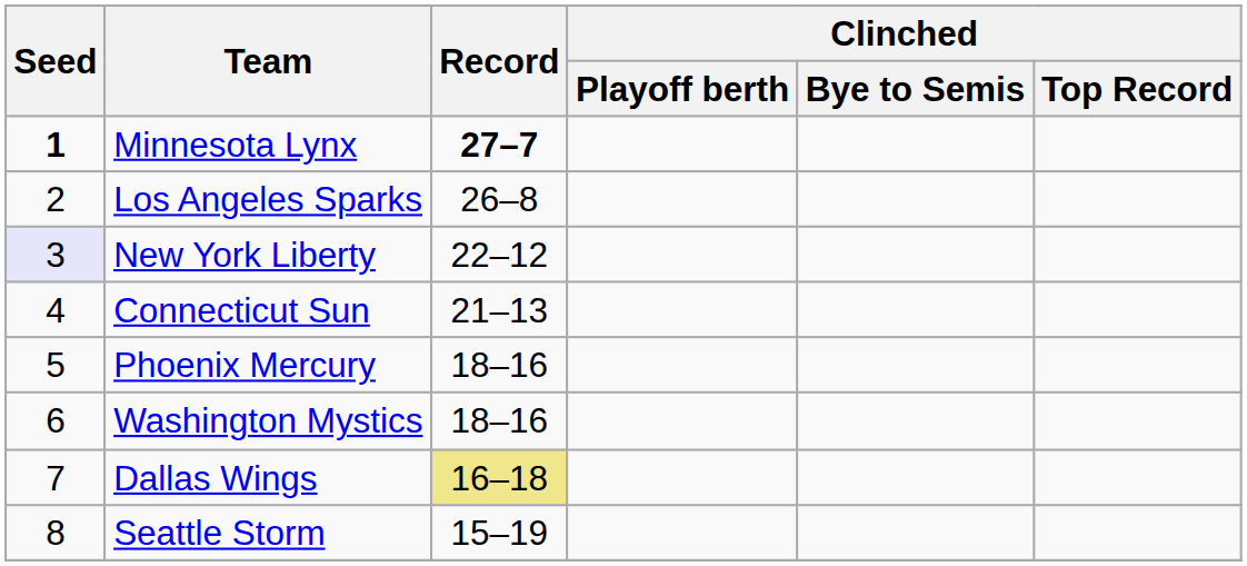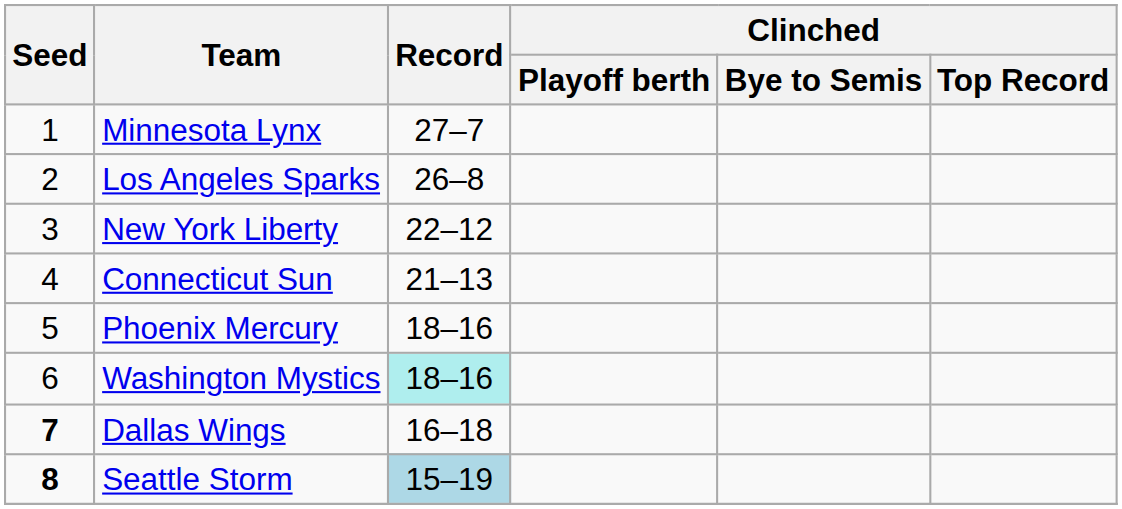 <table class="wikitable"  style="font-size:95%; text-align:center">
 <tr>
 <th rowspan=2>Seed</th>
 <th rowspan=2>Team</th>
 <th rowspan=2>Record</th>
 <th colspan=3>Clinched</th>
 </tr>
 <tr>
 <th>Playoff berth</th>
 <th>Bye to Semis</th>
 <th>Top Record</th>
 </tr>
 <tr>
-<td><strong>1</strong></td>
+<td>1</td>
 <td align=left><a href='#'>Minnesota Lynx</a></td>
-<td><strong>27–7</strong></td>
+<td>27–7</td>
 <td></td>
 <td></td>
 <td></td>
 </tr>
 <tr>
 <td>2</td>
 <td align=left><a href='#'>Los Angeles Sparks</a></td>
 <td>26–8</td>
 <td></td>
 <td></td>
 <td></td>
 </tr>
 <tr>
-<td style="background: lavender;">3</td>
+<td>3</td>
 <td align=left><a href='#'>New York Liberty</a></td>
 <td>22–12</td>
 <td></td>
 <td></td>
 <td></td>
 </tr>
 <tr>
 <td>4</td>
 <td align=left><a href='#'>Connecticut Sun</a></td>
 <td>21–13</td>
 <td></td>
 <td></td>
 <td></td>
 </tr>
 <tr>
 <td>5</td>
 <td align=left><a href='#'>Phoenix Mercury</a></td>
 <td>18–16</td>
 <td></td>
 <td></td>
 <td></td>
 </tr>
 <tr>
 <td>6</td>
 <td align=left><a href='#'>Washington Mystics</a></td>
-<td>18–16</td>
+<td style="background: paleturquoise;">18–16</td>
 <td></td>
 <td></td>
 <td></td>
 </tr>
 <tr>
-<td>7</td>
+<td><strong>7</strong></td>
 <td align=left><a href='#'>Dallas Wings</a></td>
-<td style="background: khaki;">16–18</td>
+<td>16–18</td>
 <td></td>
 <td></td>
 <td></td>
 </tr>
 <tr>
-<td>8</td>
+<td><strong>8</strong></td>
 <td align=left><a href='#'>Seattle Storm</a></td>
-<td>15–19</td>
+<td style="background: lightblue;">15–19</td>
 <td></td>
 <td></td>
 <td></td>
 </tr>
 <tr>
 </tr>
 </table>
